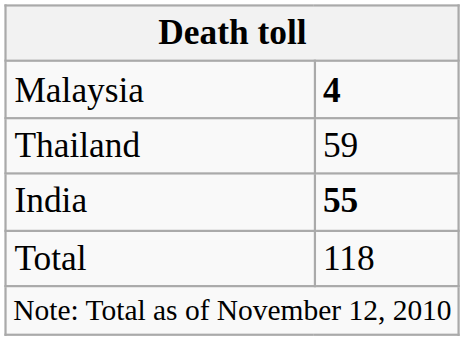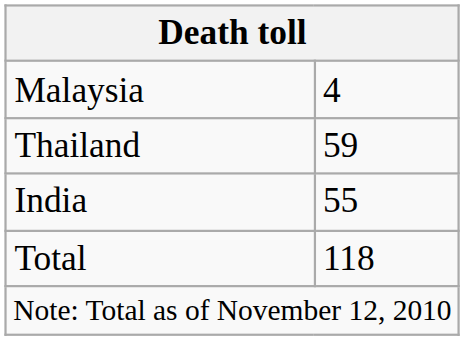 <table class="wikitable" style="float:right; clear:right; margin-left:0.5em">
 <tr>
 <th colspan=3>Death toll</th>
 </tr>
 <tr>
 <td>Malaysia</td>
-<td><strong>4</strong></td>
+<td>4</td>
 </tr>
 <tr>
 <td>Thailand</td>
 <td>59</td>
 </tr>
 <tr>
 <td>India</td>
-<td><strong>55</strong></td>
+<td>55</td>
 </tr>
 <tr>
 <td>Total</td>
 <td>118</td>
 </tr>
 <tr>
 <td colspan=2 style="font-size:smaller">Note: Total as of November 12, 2010</td>
 </tr>
 </table>
